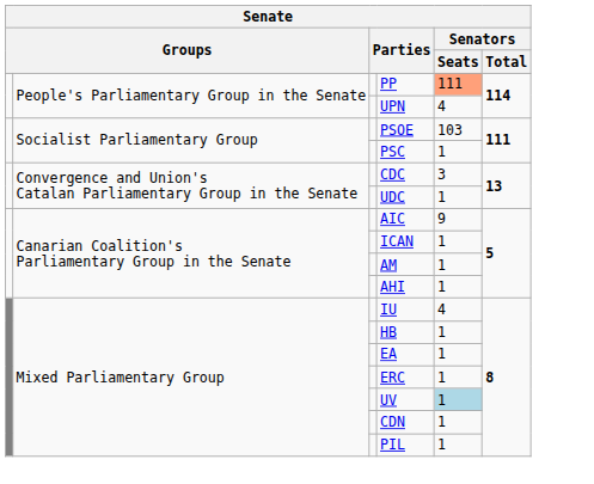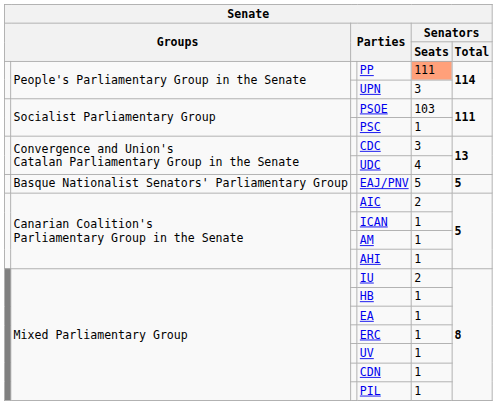 <table class="wikitable" style="text-align:left;">
 <tr>
 <th colspan="6">Senate</th>
 </tr>
 <tr>
 <th rowspan="2" colspan="2">Groups</th>
 <th rowspan="2" colspan="2">Parties</th>
 <th colspan="2">Senators</th>
 </tr>
 <tr>
 <th>Seats</th>
 <th>Total</th>
 </tr>
 <tr>
 <td width="1" rowspan="2"></td>
 <td rowspan="2">People's Parliamentary Group in the Senate</td>
 <td width="1" style="color:inherit;background:"></td>
 <td><a href='#'>PP</a></td>
 <td style="background: lightsalmon;">111</td>
 <td rowspan="2"><strong>114</strong></td>
 </tr>
 <tr>
 <td style="color:inherit;background:"></td>
 <td><a href='#'>UPN</a></td>
-<td>4</td>
+<td>3</td>
 </tr>
 <tr>
 <td rowspan="2" style="color:inherit;background:"></td>
 <td rowspan="2">Socialist Parliamentary Group</td>
 <td style="color:inherit;background:"></td>
 <td><a href='#'>PSOE</a></td>
 <td>103</td>
 <td rowspan="2"><strong>111</strong></td>
 </tr>
 <tr>
 <td style="color:inherit;background:"></td>
 <td><a href='#'>PSC</a></td>
 <td>1</td>
 </tr>
 <tr>
 <td rowspan="2" style="color:inherit;background:"></td>
 <td rowspan="2">Convergence and Union's<br>Catalan Parliamentary Group in the Senate</td>
 <td style="color:inherit;background:"></td>
 <td><a href='#'>CDC</a></td>
 <td>3</td>
 <td rowspan="2"><strong>13</strong></td>
 </tr>
 <tr>
 <td style="color:inherit;background:"></td>
 <td><a href='#'>UDC</a></td>
-<td>1</td>
+<td>4</td>
+</tr>
+<tr>
+<td style="color:inherit;background:"></td>
+<td>Basque Nationalist Senators' Parliamentary Group</td>
+<td style="color:inherit;background:"></td>
+<td><a href='#'>EAJ/PNV</a></td>
+<td>5</td>
+<td><strong>5</strong></td>
 </tr>
 <tr>
 <td rowspan="4" style="color:inherit;background:"></td>
 <td rowspan="4">Canarian Coalition's<br>Parliamentary Group in the Senate</td>
 <td style="color:inherit;background:"></td>
 <td><a href='#'>AIC</a></td>
-<td>9</td>
+<td>2</td>
 <td rowspan="4"><strong>5</strong></td>
 </tr>
 <tr>
 <td style="color:inherit;background:"></td>
 <td><a href='#'>ICAN</a></td>
 <td>1</td>
 </tr>
 <tr>
 <td style="color:inherit;background:"></td>
 <td><a href='#'>AM</a></td>
 <td>1</td>
 </tr>
 <tr>
 <td style="color:inherit;background:"></td>
 <td><a href='#'>AHI</a></td>
 <td>1</td>
 </tr>
 <tr>
 <td rowspan="7" bgcolor="gray"></td>
 <td rowspan="7">Mixed Parliamentary Group</td>
 <td style="color:inherit;background:"></td>
 <td><a href='#'>IU</a></td>
-<td>4</td>
+<td>2</td>
 <td rowspan="7"><strong>8</strong></td>
 </tr>
 <tr>
 <td style="color:inherit;background:"></td>
 <td><a href='#'>HB</a></td>
 <td>1</td>
 </tr>
 <tr>
 <td style="color:inherit;background:"></td>
 <td><a href='#'>EA</a></td>
 <td>1</td>
 </tr>
 <tr>
 <td style="color:inherit;background:"></td>
 <td><a href='#'>ERC</a></td>
 <td>1</td>
 </tr>
 <tr>
 <td style="color:inherit;background:"></td>
 <td><a href='#'>UV</a></td>
-<td style="background: lightblue;">1</td>
+<td>1</td>
 </tr>
 <tr>
 <td style="color:inherit;background:"></td>
 <td><a href='#'>CDN</a></td>
 <td>1</td>
 </tr>
 <tr>
 <td style="color:inherit;background:"></td>
 <td><a href='#'>PIL</a></td>
 <td>1</td>
 </tr>
 </table>
